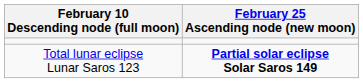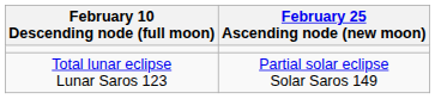 <table class="wikitable">
 <tr>
 <th>February 10<br>Descending node (full moon)<br></th>
 <th><a href='#'>February 25</a><br>Ascending node (new moon)<br></th>
 </tr>
 <tr>
 <td></td>
 <td></td>
 </tr>
 <tr align=center>
 <td><a href='#'>Total lunar eclipse</a><br>Lunar Saros 123</td>
-<td><strong><a href='#'>Partial solar eclipse</a><br>Solar Saros 149</strong></td>
+<td><a href='#'>Partial solar eclipse</a><br>Solar Saros 149</td>
 </tr>
 </table>
